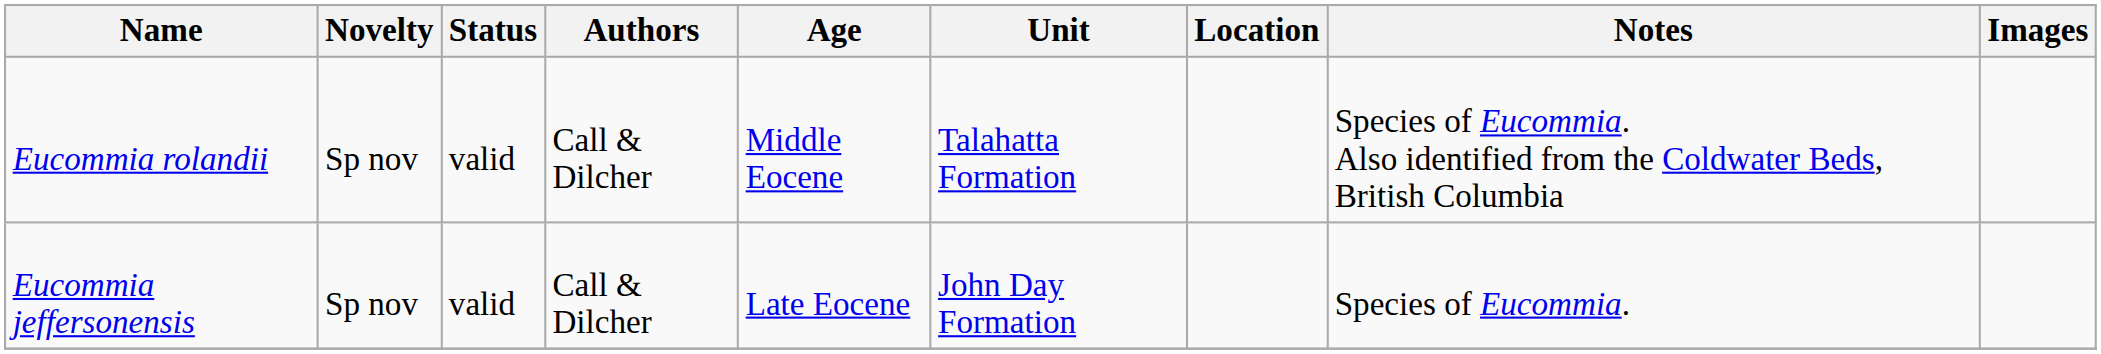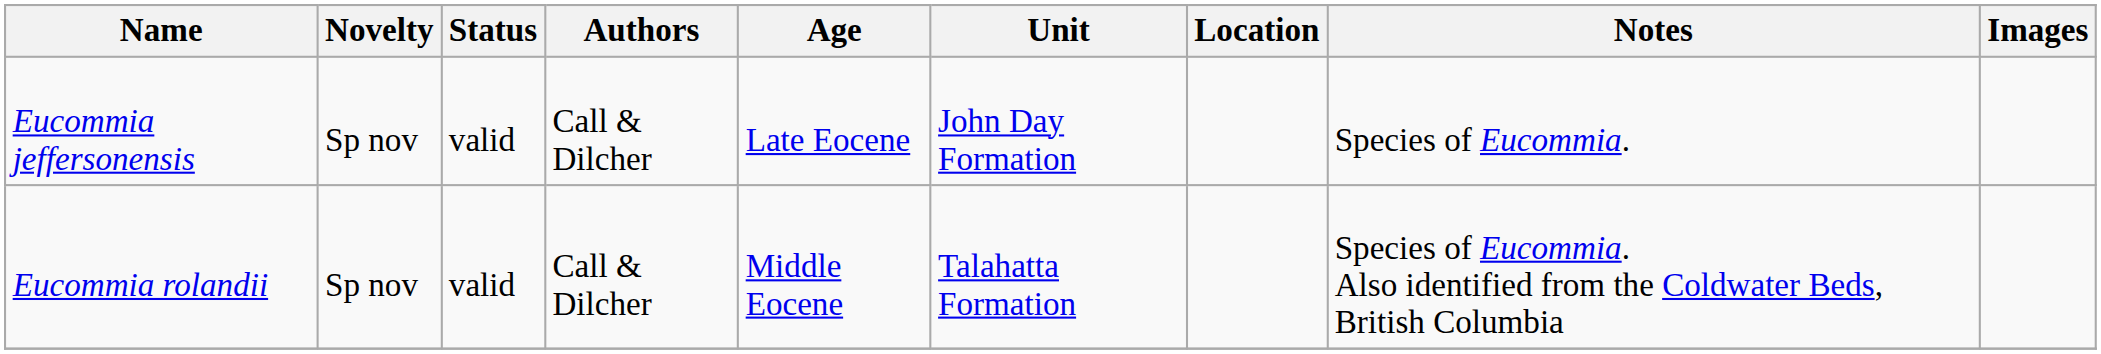 <table class="wikitable sortable" align="center" width="80%">
 <tr>
 <th>Name</th>
 <th>Novelty</th>
 <th>Status</th>
 <th>Authors</th>
 <th>Age</th>
 <th>Unit</th>
 <th>Location</th>
 <th>Notes</th>
 <th>Images</th>
 </tr>
 <tr>
+<td><br><em><a href='#'>Eucommia jeffersonensis</a></em></td>
+<td><br>Sp nov</td>
+<td><br>valid</td>
+<td><br>Call & Dilcher</td>
+<td><br><a href='#'>Late Eocene</a></td>
+<td><br><a href='#'>John Day Formation</a></td>
+<td><br></td>
+<td><br>Species of <em><a href='#'>Eucommia</a></em>.</td>
+<td></td>
+</tr>
+<tr>
 <td><br><em><a href='#'>Eucommia rolandii</a></em></td>
 <td><br>Sp nov</td>
 <td><br>valid</td>
 <td><br>Call & Dilcher</td>
 <td><br><a href='#'>Middle Eocene</a></td>
 <td><br><a href='#'>Talahatta Formation</a></td>
 <td><br><br> </td>
 <td><br>Species of <em><a href='#'>Eucommia</a></em>.<br> Also identified from the <a href='#'>Coldwater Beds</a>, British Columbia</td>
 <td></td>
 </tr>
 <tr>
-<td><br><em><a href='#'>Eucommia jeffersonensis</a></em></td>
-<td><br>Sp nov</td>
-<td><br>valid</td>
-<td><br>Call & Dilcher</td>
-<td><br><a href='#'>Late Eocene</a></td>
-<td><br><a href='#'>John Day Formation</a></td>
-<td><br></td>
-<td><br>Species of <em><a href='#'>Eucommia</a></em>.</td>
-<td></td>
-</tr>
-<tr>
 </tr>
 </table>
